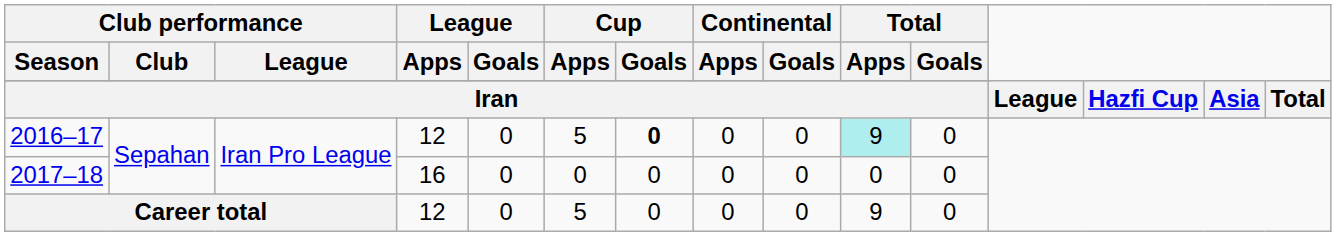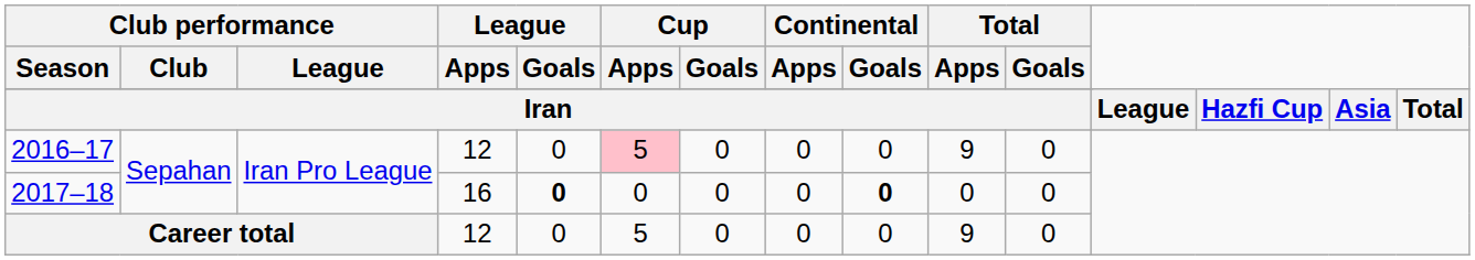 <table class="wikitable" style="text-align:center">
 <tr>
 <th colspan=3>Club performance</th>
 <th colspan=2>League</th>
 <th colspan=2>Cup</th>
 <th colspan=2>Continental</th>
 <th colspan=2>Total</th>
 </tr>
 <tr>
 <th>Season</th>
 <th>Club</th>
 <th>League</th>
 <th>Apps</th>
 <th>Goals</th>
 <th>Apps</th>
 <th>Goals</th>
 <th>Apps</th>
 <th>Goals</th>
 <th>Apps</th>
 <th>Goals</th>
 </tr>
 <tr>
 </tr>
 <tr>
 <th colspan=12>Iran</th>
 <th colspan=14>League</th>
 <th colspan=6><a href='#'>Hazfi Cup</a></th>
 <th colspan=13><a href='#'>Asia</a></th>
 <th colspan= 11>Total</th>
 </tr>
 <tr>
 <td><a href='#'>2016–17</a></td>
 <td rowspan="2"><a href='#'>Sepahan</a></td>
 <td rowspan="2"><a href='#'>Iran Pro League</a></td>
 <td>12</td>
 <td>0</td>
-<td>5</td>
-<td><strong>0</strong></td>
+<td style="background: pink;">5</td>
 <td>0</td>
 <td>0</td>
-<td style="background: paleturquoise;">9</td>
+<td>0</td>
+<td>9</td>
 <td>0</td>
 </tr>
 <tr>
 <td><a href='#'>2017–18</a></td>
 <td>16</td>
+<td><strong>0</strong></td>
 <td>0</td>
 <td>0</td>
 <td>0</td>
-<td>0</td>
-<td>0</td>
+<td><strong>0</strong></td>
 <td>0</td>
 <td>0</td>
 </tr>
 <tr>
 <th colspan=3>Career total</th>
 <td>12</td>
 <td>0</td>
 <td>5</td>
 <td>0</td>
 <td>0</td>
 <td>0</td>
 <td>9</td>
 <td>0</td>
 </tr>
 </table>
